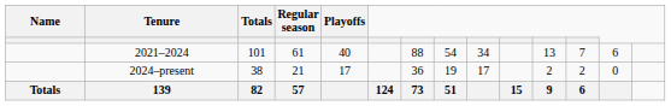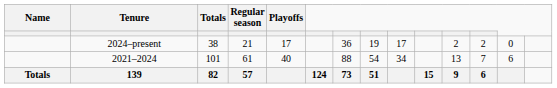 <table class="wikitable sortable" style="clear:both; margin:1.5em auto; text-align:center;">
 <tr>
 <th>Name</th>
 <th>Tenure</th>
 <th>Totals</th>
 <th>Regular season</th>
 <th>Playoffs</th>
 </tr>
 <tr>
 <th></th>
 <th></th>
 <th></th>
 <th></th>
 <th></th>
 <th></th>
 <th></th>
 <th></th>
 <th></th>
 <th></th>
 <th></th>
 <th></th>
 </tr>
 <tr>
 <td> </td>
+<td>2024–present</td>
+<td style="width:5%;">38</td>
+<td style="width:5%;">21</td>
+<td style="width:5%;">17</td>
+<td style="width:5%;"></td>
+<td style="width:5%;">36</td>
+<td style="width:5%;">19</td>
+<td style="width:5%;">17</td>
+<td style="width:5%;"></td>
+<td style="width:5%;">2</td>
+<td style="width:5%;">2</td>
+<td style="width:5%;">0</td>
+<td style="width:5%;"></td>
+</tr>
+<tr>
+<td> </td>
 <td>2021–2024</td>
 <td style="width:5%;">101</td>
 <td style="width:5%;">61</td>
 <td style="width:5%;">40</td>
 <td style="width:5%;"></td>
 <td style="width:5%;">88</td>
 <td style="width:5%;">54</td>
 <td style="width:5%;">34</td>
 <td style="width:5%;"></td>
 <td style="width:5%;">13</td>
 <td style="width:5%;">7</td>
 <td style="width:5%;">6</td>
-<td style="width:5%;"></td>
-</tr>
-<tr>
-<td> </td>
-<td>2024–present</td>
-<td style="width:5%;">38</td>
-<td style="width:5%;">21</td>
-<td style="width:5%;">17</td>
-<td style="width:5%;"></td>
-<td style="width:5%;">36</td>
-<td style="width:5%;">19</td>
-<td style="width:5%;">17</td>
-<td style="width:5%;"></td>
-<td style="width:5%;">2</td>
-<td style="width:5%;">2</td>
-<td style="width:5%;">0</td>
 <td style="width:5%;"></td>
 </tr>
 <tr>
 <th>Totals</th>
 <th>139</th>
 <th>82</th>
 <th>57</th>
 <th></th>
 <th>124</th>
 <th>73</th>
 <th>51</th>
 <th></th>
 <th>15</th>
 <th>9</th>
 <th>6</th>
 <th></th>
 </tr>
 </table>
